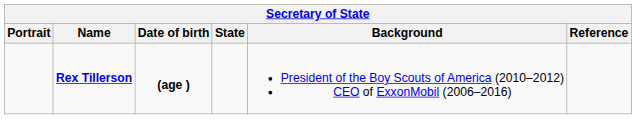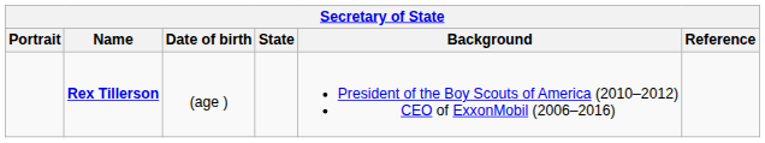 <table class="wikitable collapsible" style="text-align:center;">
 <tr>
 <th colspan="6"><a href='#'>Secretary of State</a></th>
 </tr>
 <tr>
 <th>Portrait</th>
 <th>Name</th>
 <th>Date of birth</th>
 <th>State</th>
 <th>Background</th>
 <th>Reference</th>
 </tr>
 <tr>
 <td></td>
 <td><strong><a href='#'>Rex Tillerson</a></strong></td>
-<td><strong><br>(age )</strong></td>
+<td><br>(age )</td>
 <td></td>
 <td><br><ul><li><a href='#'>President of the Boy Scouts of America</a> (2010–2012)</li><li><a href='#'>CEO</a> of <a href='#'>ExxonMobil</a> (2006–2016)</li></ul></td>
 <td></td>
 </tr>
 </table>
